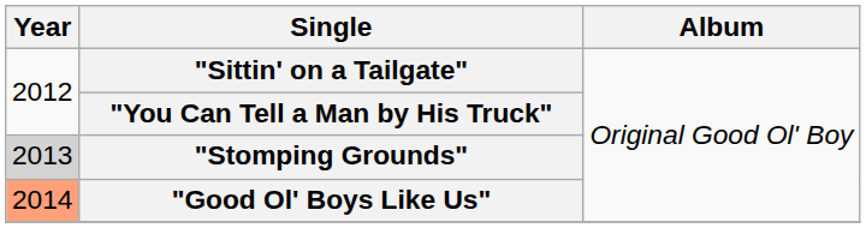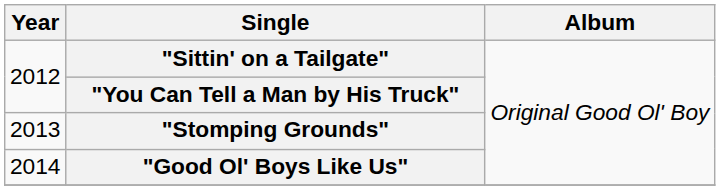 <table class="wikitable plainrowheaders">
 <tr>
 <th>Year</th>
 <th style="width:18em;">Single</th>
 <th>Album</th>
 </tr>
 <tr>
 <td rowspan="2">2012</td>
 <th scope="row">"Sittin' on a Tailgate"</th>
 <td rowspan="4"><em>Original Good Ol' Boy</em></td>
 </tr>
 <tr>
 <th scope="row">"You Can Tell a Man by His Truck"</th>
 </tr>
 <tr>
-<td style="background: lightgrey;">2013</td>
+<td>2013</td>
 <th scope="row">"Stomping Grounds"</th>
 </tr>
 <tr>
-<td style="background: lightsalmon;">2014</td>
+<td>2014</td>
 <th scope="row">"Good Ol' Boys Like Us"</th>
 </tr>
 <tr>
 </tr>
 </table>
